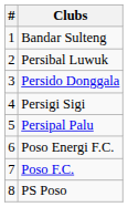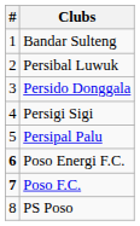 <table class="wikitable sortable">
 <tr>
 <th>#</th>
 <th>Clubs</th>
 </tr>
 <tr>
 <td>1</td>
 <td>Bandar Sulteng</td>
 </tr>
 <tr>
 <td>2</td>
 <td>Persibal Luwuk</td>
 </tr>
 <tr>
 <td>3</td>
 <td><a href='#'>Persido Donggala</a></td>
 </tr>
 <tr>
 <td>4</td>
 <td>Persigi Sigi</td>
 </tr>
 <tr>
 <td>5</td>
 <td><a href='#'>Persipal Palu</a></td>
 </tr>
 <tr>
-<td>6</td>
+<td><strong>6</strong></td>
 <td>Poso Energi F.C.</td>
 </tr>
 <tr>
-<td>7</td>
+<td><strong>7</strong></td>
 <td><a href='#'>Poso F.C.</a></td>
 </tr>
 <tr>
 <td>8</td>
 <td>PS Poso</td>
 </tr>
 </table>
